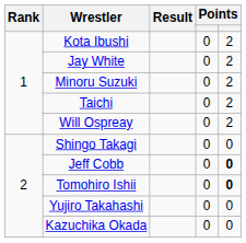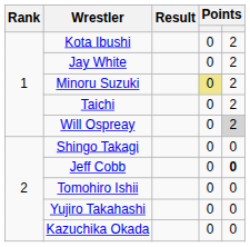 <table class="wikitable mw-collapsible mw-collapsed" plainrowheaders sortable" style="text-align: center">
 <tr>
 <th scope="col" rowspan="2">Rank</th>
 <th scope="col" rowspan="2">Wrestler</th>
 <th scope="col" rowspan="2">Result</th>
 <th scope="col" colspan="2">Points</th>
 </tr>
 <tr>
 <th></th>
 <th></th>
 </tr>
 <tr>
 <td rowspan="5">1</td>
 <td><a href='#'>Kota Ibushi</a></td>
 <td></td>
 <td>0</td>
 <td>2</td>
 </tr>
 <tr>
 <td><a href='#'>Jay White</a></td>
 <td></td>
 <td>0</td>
 <td>2</td>
 </tr>
 <tr>
 <td><a href='#'>Minoru Suzuki</a></td>
 <td></td>
-<td>0</td>
+<td style="background: khaki;">0</td>
 <td>2</td>
 </tr>
 <tr>
 <td><a href='#'>Taichi</a></td>
 <td></td>
 <td>0</td>
 <td>2</td>
 </tr>
 <tr>
 <td><a href='#'>Will Ospreay</a></td>
 <td></td>
 <td>0</td>
-<td>2</td>
+<td style="background: lightgrey;">2</td>
 </tr>
 <tr>
 <td rowspan="5">2</td>
 <td><a href='#'>Shingo Takagi</a></td>
 <td></td>
 <td>0</td>
 <td>0</td>
 </tr>
 <tr>
 <td><a href='#'>Jeff Cobb</a></td>
 <td></td>
 <td>0</td>
 <td><strong>0</strong></td>
 </tr>
 <tr>
 <td><a href='#'>Tomohiro Ishii</a></td>
 <td></td>
 <td>0</td>
-<td><strong>0</strong></td>
+<td>0</td>
 </tr>
 <tr>
 <td><a href='#'>Yujiro Takahashi</a></td>
 <td></td>
 <td>0</td>
 <td>0</td>
 </tr>
 <tr>
 <td><a href='#'>Kazuchika Okada</a></td>
 <td></td>
 <td>0</td>
 <td>0</td>
 </tr>
 </table>
